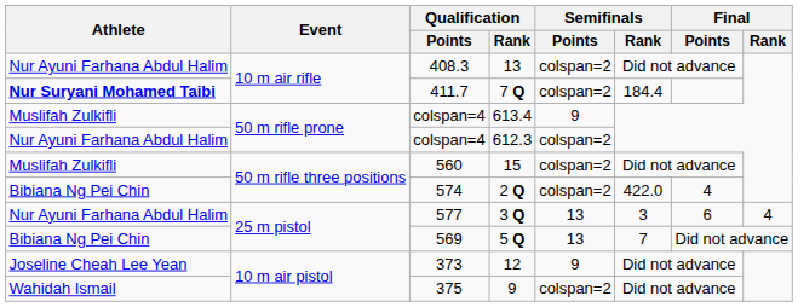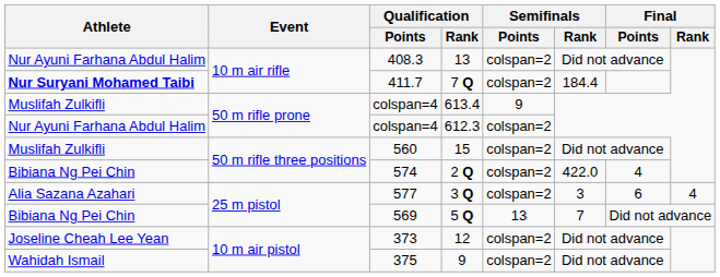 <table class="wikitable" style="font-size:90%;">
 <tr>
 <th rowspan=2>Athlete</th>
 <th rowspan=2>Event</th>
 <th colspan=2>Qualification</th>
 <th colspan=2>Semifinals</th>
 <th colspan=2>Final</th>
 </tr>
 <tr style="font-size:95%">
 <th>Points</th>
 <th>Rank</th>
 <th>Points</th>
 <th>Rank</th>
 <th>Points</th>
 <th>Rank</th>
 </tr>
 <tr align=center>
 <td align=left><a href='#'>Nur Ayuni Farhana Abdul Halim</a></td>
 <td align=left rowspan="2"><a href='#'>10 m air rifle</a></td>
 <td>408.3</td>
 <td>13</td>
 <td>colspan=2 </td>
 <td colspan=2>Did not advance</td>
 </tr>
 <tr align=center>
 <td align=left><strong><a href='#'>Nur Suryani Mohamed Taibi</a></strong></td>
 <td>411.7</td>
 <td>7 <strong>Q</strong></td>
 <td>colspan=2 </td>
 <td>184.4</td>
 <td></td>
 </tr>
 <tr align=center>
 <td align=left><a href='#'>Muslifah Zulkifli</a></td>
 <td align=left rowspan=2><a href='#'>50 m rifle prone</a></td>
 <td>colspan=4 </td>
 <td>613.4</td>
 <td>9</td>
 </tr>
 <tr align=center>
 <td align=left><a href='#'>Nur Ayuni Farhana Abdul Halim</a></td>
 <td>colspan=4 </td>
 <td>612.3</td>
 <td>colspan=2 </td>
 </tr>
 <tr align=center>
 <td align=left><a href='#'>Muslifah Zulkifli</a></td>
 <td align=left rowspan=2><a href='#'>50 m rifle three positions</a></td>
 <td>560</td>
 <td>15</td>
 <td>colspan=2 </td>
 <td colspan=2>Did not advance</td>
 </tr>
 <tr align=center>
 <td align=left><a href='#'>Bibiana Ng Pei Chin</a></td>
 <td>574</td>
 <td>2 <strong>Q</strong></td>
 <td>colspan=2 </td>
 <td>422.0</td>
 <td>4</td>
 </tr>
 <tr align=center>
-<td align=left><a href='#'>Nur Ayuni Farhana Abdul Halim</a></td>
+<td align=left><a href='#'>Alia Sazana Azahari</a></td>
 <td align=left rowspan=2><a href='#'>25 m pistol</a></td>
 <td>577</td>
 <td>3 <strong>Q</strong></td>
-<td>13</td>
+<td>colspan=2 </td>
 <td>3</td>
 <td>6</td>
 <td>4</td>
 </tr>
 <tr align=center>
 <td align=left><a href='#'>Bibiana Ng Pei Chin</a></td>
 <td>569</td>
 <td>5 <strong>Q</strong></td>
 <td>13</td>
 <td>7</td>
 <td colspan=2>Did not advance</td>
 </tr>
 <tr align=center>
 <td align=left><a href='#'>Joseline Cheah Lee Yean</a></td>
 <td align=left rowspan="2"><a href='#'>10 m air pistol</a></td>
 <td>373</td>
 <td>12</td>
-<td>9</td>
+<td>colspan=2 </td>
 <td colspan=2>Did not advance</td>
 </tr>
 <tr align=center>
 <td align=left><a href='#'>Wahidah Ismail</a></td>
 <td>375</td>
 <td>9</td>
 <td>colspan=2 </td>
 <td colspan=2>Did not advance</td>
 </tr>
 </table>
